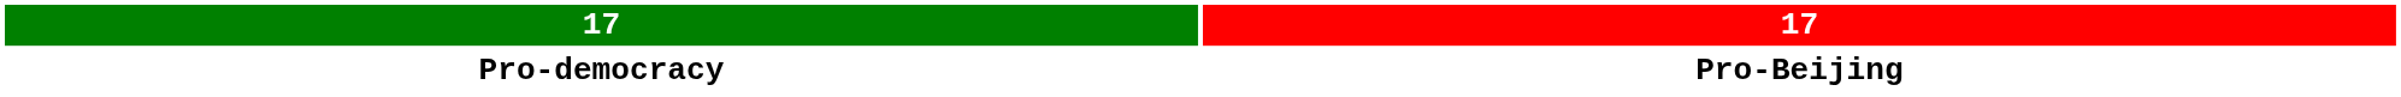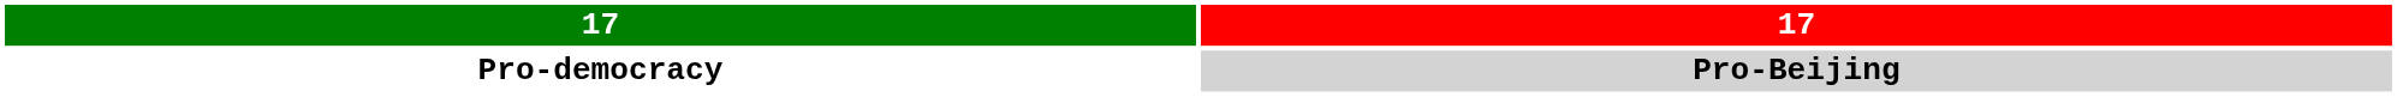 <table style="width:50%; text-align:center;">
 <tr style="color:white;">
 <td style="background:green; width:50%;"><strong>17</strong></td>
 <td style="background:red; width:50%;"><strong>17</strong></td>
 </tr>
 <tr>
 <td><span><strong>Pro-democracy</strong></span></td>
-<td><span><strong>Pro-Beijing</strong></span></td>
+<td style="background: lightgrey;"><span><strong>Pro-Beijing</strong></span></td>
 </tr>
 </table>
